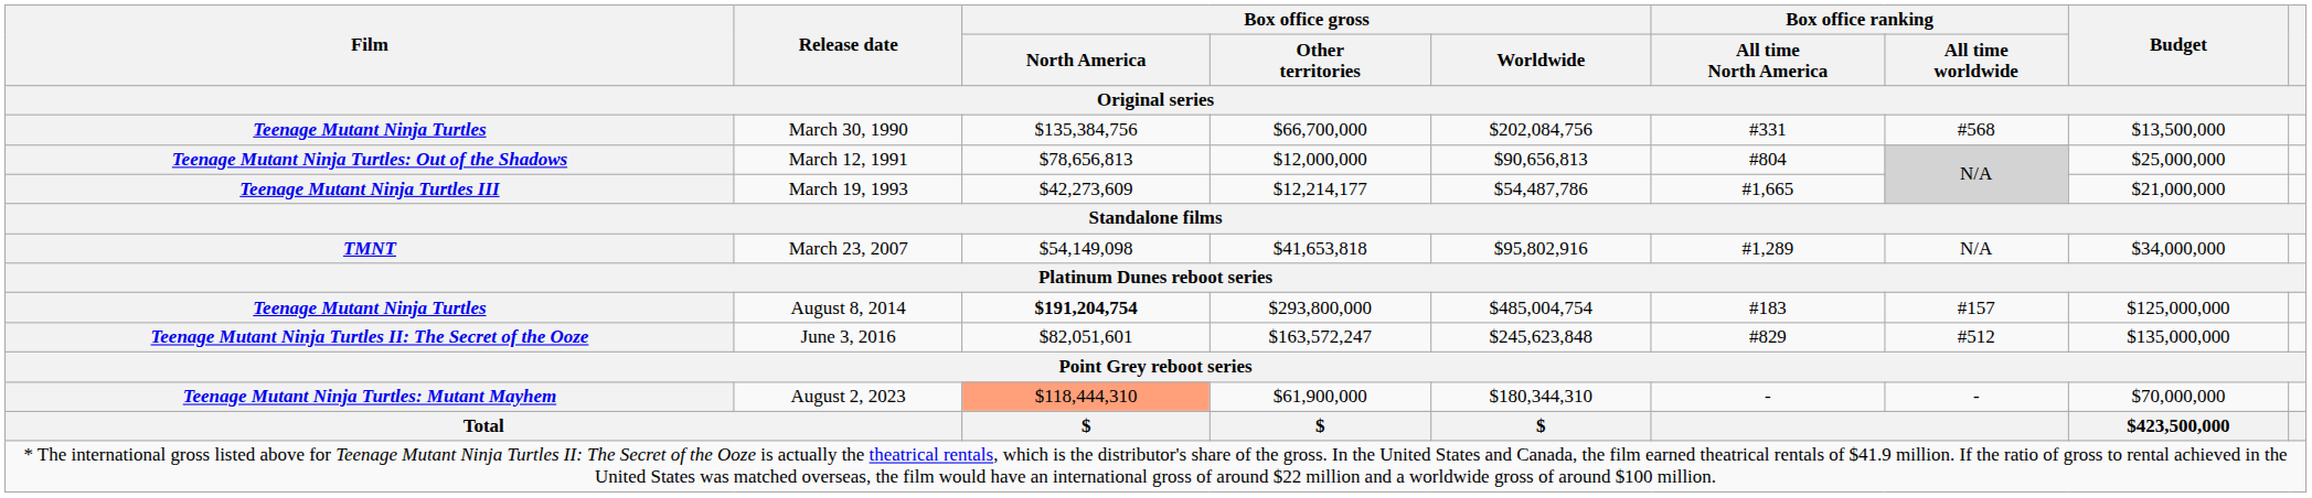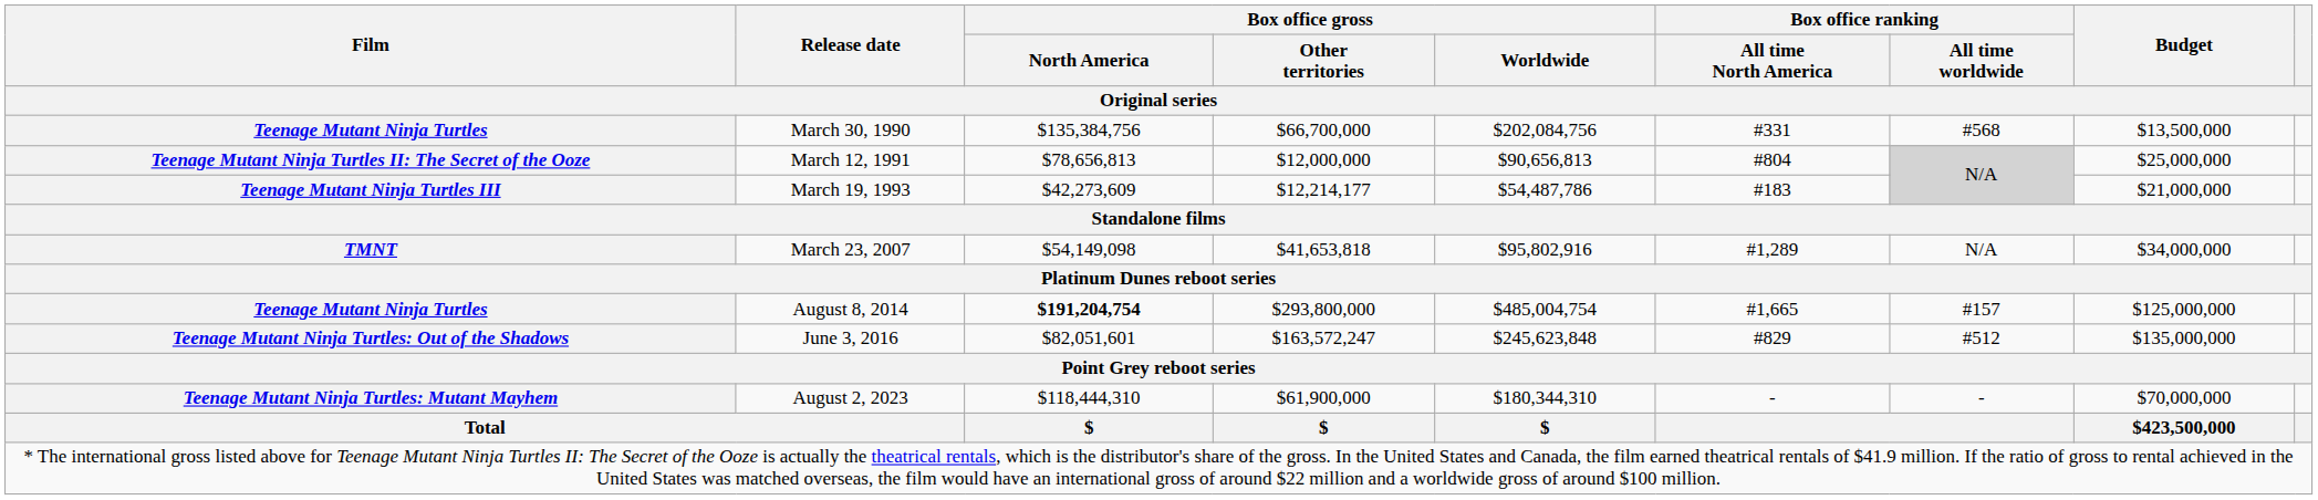 <table class="wikitable plainrowheaders" style="text-align:center;">
 <tr>
 <th rowspan="2">Film</th>
 <th rowspan="2">Release date</th>
 <th colspan="3">Box office gross</th>
 <th colspan="2" text="wrap">Box office ranking</th>
 <th rowspan="2">Budget</th>
 <th rowspan="2"></th>
 </tr>
 <tr>
 <th>North America</th>
 <th>Other <br>territories</th>
 <th>Worldwide</th>
 <th>All time <br>North America</th>
 <th>All time <br>worldwide</th>
 </tr>
 <tr>
 <th colspan="9">Original series</th>
 </tr>
 <tr>
 <th scope="row"><em><a href='#'>Teenage Mutant Ninja Turtles</a></em></th>
 <td>March 30, 1990</td>
 <td>$135,384,756</td>
 <td>$66,700,000</td>
 <td>$202,084,756</td>
 <td style="text-align:center;">#331</td>
 <td style="text-align:center;">#568</td>
 <td style="text-align:center;">$13,500,000</td>
 <td style="text-align:center;"></td>
 </tr>
 <tr>
-<th scope="row"><em><a href='#'>Teenage Mutant Ninja Turtles: Out of the Shadows</a></em></th>
+<th scope="row"><em><a href='#'>Teenage Mutant Ninja Turtles II: The Secret of the Ooze</a></em></th>
 <td>March 12, 1991</td>
 <td>$78,656,813</td>
 <td>$12,000,000</td>
 <td>$90,656,813</td>
 <td style="text-align:center;">#804</td>
 <td rowspan="2" style="background:lightgrey;">N/A</td>
 <td style="text-align:center;">$25,000,000</td>
 <td style="text-align:center;"></td>
 </tr>
 <tr>
 <th scope="row"><em><a href='#'>Teenage Mutant Ninja Turtles III</a></em></th>
 <td>March 19, 1993</td>
 <td>$42,273,609</td>
 <td>$12,214,177</td>
 <td>$54,487,786</td>
-<td style="text-align:center;">#1,665</td>
+<td style="text-align:center;">#183</td>
 <td style="text-align:center;">$21,000,000</td>
 <td style="text-align:center;"></td>
 </tr>
 <tr>
 <th colspan="9">Standalone films</th>
 </tr>
 <tr>
 <th scope="row"><em><a href='#'>TMNT</a></em></th>
 <td>March 23, 2007</td>
 <td>$54,149,098</td>
 <td>$41,653,818</td>
 <td>$95,802,916</td>
 <td style="text-align:center;">#1,289</td>
 <td style="text-align:center;">N/A</td>
 <td style="text-align:center;">$34,000,000</td>
 <td style="text-align:center;"></td>
 </tr>
 <tr>
 <th colspan="9">Platinum Dunes reboot series</th>
 </tr>
 <tr>
 <th scope="row"><em><a href='#'>Teenage Mutant Ninja Turtles</a></em></th>
 <td>August 8, 2014</td>
 <td><strong>$191,204,754</strong></td>
 <td>$293,800,000</td>
 <td>$485,004,754</td>
-<td style="text-align:center;">#183</td>
+<td style="text-align:center;">#1,665</td>
 <td style="text-align:center;">#157</td>
 <td style="text-align:center;">$125,000,000</td>
 <td style="text-align:center;"></td>
 </tr>
 <tr>
-<th scope="row"><em><a href='#'>Teenage Mutant Ninja Turtles II: The Secret of the Ooze</a></em></th>
+<th scope="row"><em><a href='#'>Teenage Mutant Ninja Turtles: Out of the Shadows</a></em></th>
 <td>June 3, 2016</td>
 <td>$82,051,601</td>
 <td>$163,572,247</td>
 <td>$245,623,848</td>
 <td style="text-align:center;">#829</td>
 <td style="text-align:center;">#512</td>
 <td style="text-align:center;">$135,000,000</td>
 <td style="text-align:center;"></td>
 </tr>
 <tr>
 <th colspan="9">Point Grey reboot series</th>
 </tr>
 <tr>
 <th scope="row"><em><a href='#'>Teenage Mutant Ninja Turtles: Mutant Mayhem</a></em></th>
 <td>August 2, 2023</td>
-<td style="background: lightsalmon;">$118,444,310</td>
+<td>$118,444,310</td>
 <td>$61,900,000</td>
 <td>$180,344,310</td>
 <td>-</td>
 <td>-</td>
 <td>$70,000,000</td>
 <td></td>
 </tr>
 <tr>
 <th colspan="2">Total</th>
 <th>$</th>
 <th>$</th>
 <th>$</th>
 <th colspan="2"></th>
 <th style="text-align:center;">$423,500,000</th>
 <th style="text-align:center;"></th>
 </tr>
 <tr>
 <td colspan="9">* The international gross listed above for <em>Teenage Mutant Ninja Turtles II: The Secret of the Ooze</em> is actually the <a href='#'>theatrical rentals</a>, which is the distributor's share of the gross. In the United States and Canada, the film earned theatrical rentals of $41.9 million. If the ratio of gross to rental achieved in the United States was matched overseas, the film would have an international gross of around $22 million and a worldwide gross of around $100 million.</td>
 </tr>
 </table>
